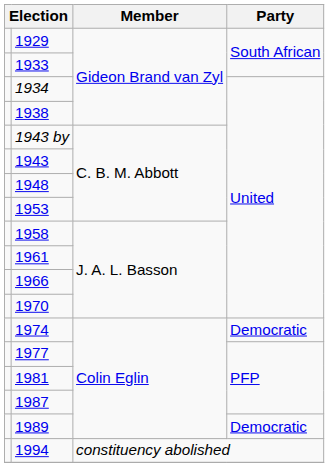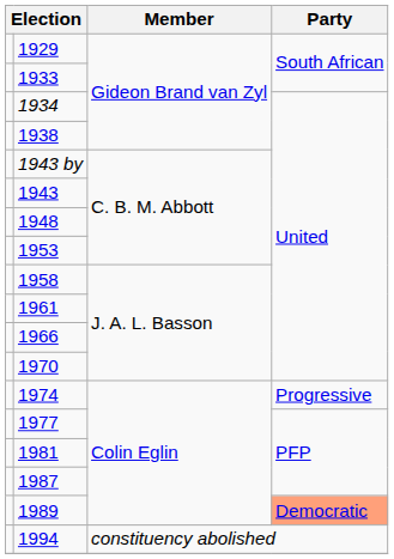 <table class="wikitable">
 <tr>
 <th colspan="2">Election</th>
 <th>Member</th>
 <th>Party</th>
 </tr>
 <tr>
 <td style="background-color: "></td>
 <td><a href='#'>1929</a></td>
 <td rowspan="4"><a href='#'>Gideon Brand van Zyl</a></td>
 <td rowspan="2"><a href='#'>South African</a></td>
 </tr>
 <tr>
 <td style="background-color: "></td>
 <td><a href='#'>1933</a></td>
 </tr>
 <tr>
 <td style="background-color: "></td>
 <td><em>1934</em></td>
 <td rowspan="10"><a href='#'>United</a></td>
 </tr>
 <tr>
 <td style="background-color: "></td>
 <td><a href='#'>1938</a></td>
 </tr>
 <tr>
 <td style="background-color: "></td>
 <td><em>1943 by</em></td>
 <td rowspan="4">C. B. M. Abbott</td>
 </tr>
 <tr>
 <td style="background-color: "></td>
 <td><a href='#'>1943</a></td>
 </tr>
 <tr>
 <td style="background-color: "></td>
 <td><a href='#'>1948</a></td>
 </tr>
 <tr>
 <td style="background-color: "></td>
 <td><a href='#'>1953</a></td>
 </tr>
 <tr>
 <td style="background-color: "></td>
 <td><a href='#'>1958</a></td>
 <td rowspan="4">J. A. L. Basson</td>
 </tr>
 <tr>
 <td style="background-color: "></td>
 <td><a href='#'>1961</a></td>
 </tr>
 <tr>
 <td style="background-color: "></td>
 <td><a href='#'>1966</a></td>
 </tr>
 <tr>
 <td style="background-color: "></td>
 <td><a href='#'>1970</a></td>
 </tr>
 <tr>
 <td style="background-color: "></td>
 <td><a href='#'>1974</a></td>
 <td rowspan="5"><a href='#'>Colin Eglin</a></td>
-<td><a href='#'>Democratic</a></td>
+<td><a href='#'>Progressive</a></td>
 </tr>
 <tr>
 <td style="background-color: "></td>
 <td><a href='#'>1977</a></td>
 <td rowspan="3"><a href='#'>PFP</a></td>
 </tr>
 <tr>
 <td style="background-color: "></td>
 <td><a href='#'>1981</a></td>
 </tr>
 <tr>
 <td style="background-color: "></td>
 <td><a href='#'>1987</a></td>
 </tr>
 <tr>
 <td style="background-color: "></td>
 <td><a href='#'>1989</a></td>
-<td><a href='#'>Democratic</a></td>
+<td style="background: lightsalmon;"><a href='#'>Democratic</a></td>
 </tr>
 <tr>
 <td style="background-color: "></td>
 <td><a href='#'>1994</a></td>
 <td colspan="2"><em>constituency abolished</em></td>
 </tr>
 <tr>
 </tr>
 </table>
